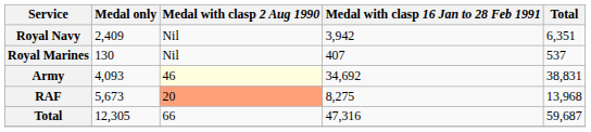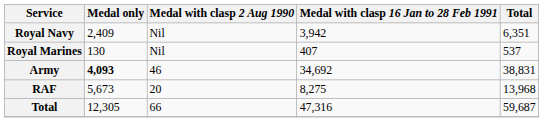 <table class="wikitable" border=1>
 <tr>
 <th>Service</th>
 <th>Medal only</th>
 <th>Medal with clasp <em>2 Aug 1990</em></th>
 <th>Medal with clasp <em>16 Jan to 28 Feb 1991</em></th>
 <th>Total</th>
 </tr>
 <tr>
 <th>Royal Navy</th>
 <td>2,409</td>
 <td>Nil</td>
 <td>3,942</td>
 <td>6,351</td>
 </tr>
 <tr>
 <th>Royal Marines</th>
 <td>130</td>
 <td>Nil</td>
 <td>407</td>
 <td>537</td>
 </tr>
 <tr>
 <th>Army</th>
-<td>4,093</td>
-<td style="background: lightyellow;">46</td>
+<td><strong>4,093</strong></td>
+<td>46</td>
 <td>34,692</td>
 <td>38,831</td>
 </tr>
 <tr>
 <th>RAF</th>
 <td>5,673</td>
-<td style="background: lightsalmon;">20</td>
+<td>20</td>
 <td>8,275</td>
 <td>13,968</td>
 </tr>
 <tr>
 <th>Total</th>
 <td>12,305</td>
 <td>66</td>
 <td>47,316</td>
 <td>59,687</td>
 </tr>
 <tr>
 </tr>
 </table>
